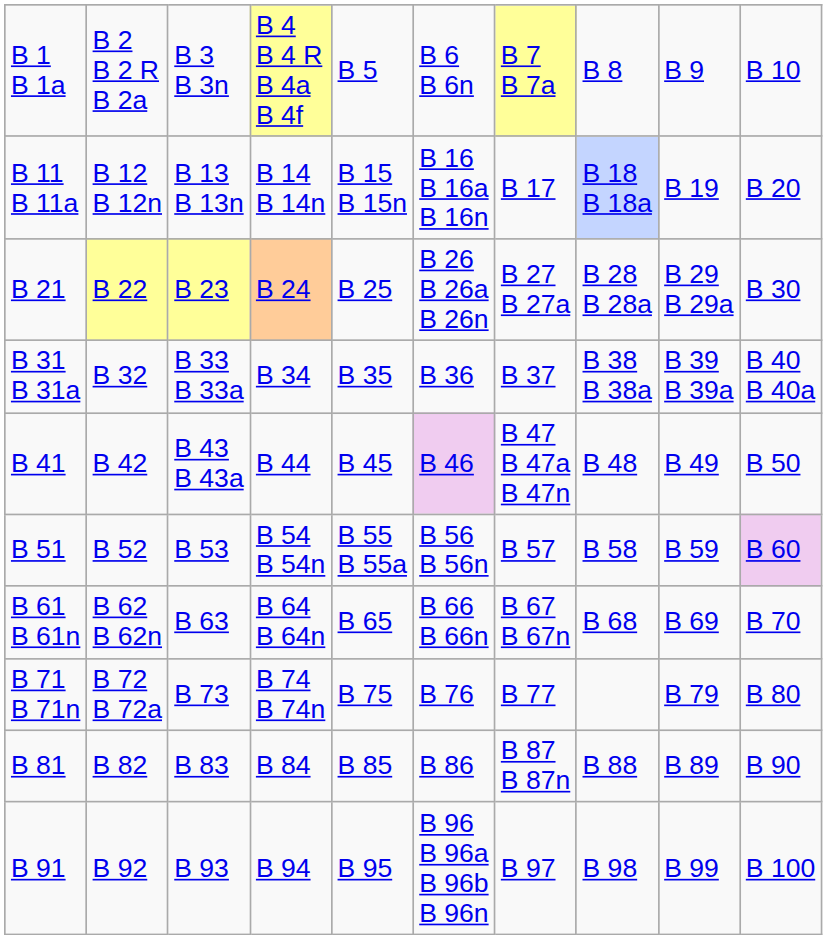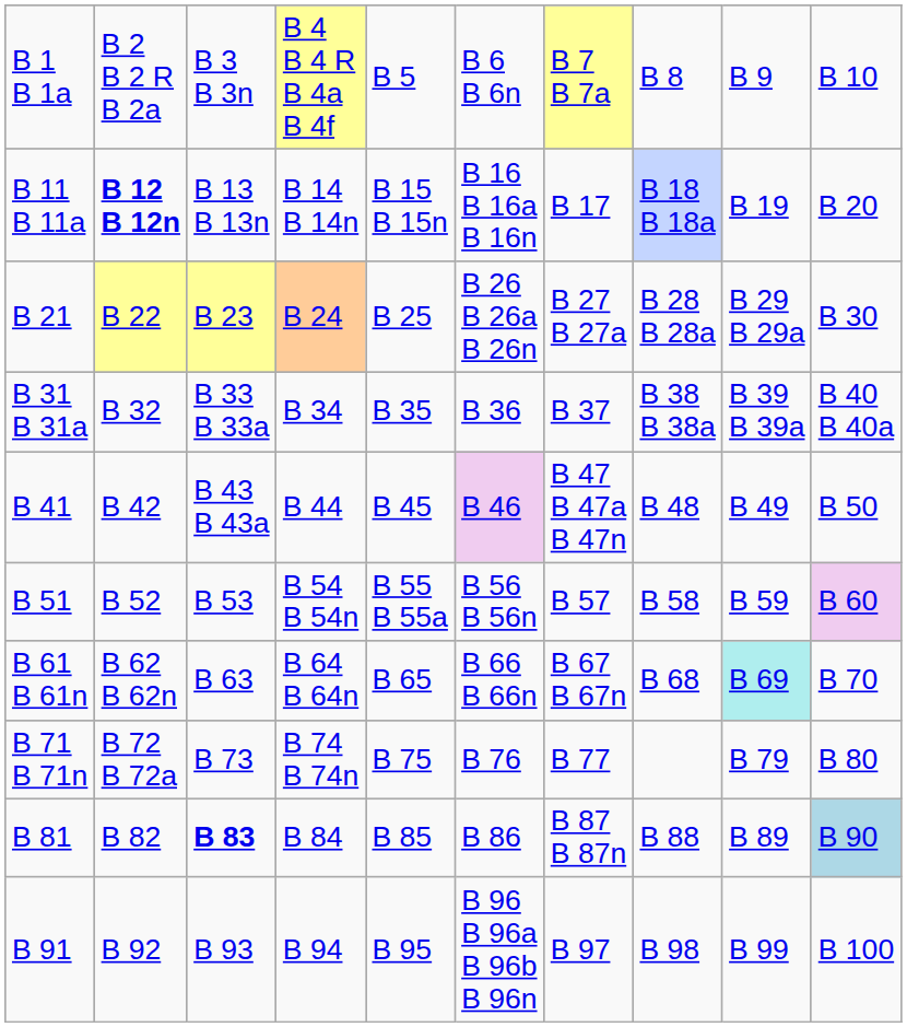 <table class="wikitable">
 <tr>
 <td><a href='#'>B 1</a><br><span><a href='#'>B 1a</a></span></td>
 <td><a href='#'>B 2</a><br><a href='#'>B 2 R</a><br><span><a href='#'>B 2a</a></span></td>
 <td><a href='#'>B 3</a><br><span><a href='#'>B 3n</a></span></td>
 <td style="background: #ffff99;"><a href='#'>B 4</a><br><span><a href='#'>B 4 R</a></span><br><span><a href='#'>B 4a</a></span><br><span><a href='#'>B 4f</a></span></td>
 <td><a href='#'>B 5</a></td>
 <td><a href='#'>B 6</a><br><span><a href='#'>B 6n</a></span></td>
 <td style="background: #ffff99;"><a href='#'>B 7</a><br><span><a href='#'>B 7a</a></span></td>
 <td><a href='#'>B 8</a></td>
 <td><a href='#'>B 9</a></td>
 <td><a href='#'>B 10</a></td>
 </tr>
 <tr>
 <td><a href='#'>B 11</a><br><span><a href='#'>B 11a</a></span></td>
-<td><a href='#'>B 12</a><br><span><a href='#'>B 12n</a></span></td>
+<td><strong><a href='#'>B 12</a><br><span><a href='#'>B 12n</a></span></strong></td>
 <td><a href='#'>B 13</a><br><span><a href='#'>B 13n</a></span></td>
 <td><a href='#'>B 14</a><br><span><a href='#'>B 14n</a></span></td>
 <td><a href='#'>B 15</a><br><span><a href='#'>B 15n</a></span></td>
 <td><a href='#'>B 16</a><br><a href='#'>B 16a</a><br><span><a href='#'>B 16n</a></span></td>
 <td><a href='#'>B 17</a></td>
 <td style="background: #C4D5FF;"><a href='#'>B 18</a><br><span><a href='#'>B 18a</a></span></td>
 <td><a href='#'>B 19</a></td>
 <td><a href='#'>B 20</a></td>
 </tr>
 <tr>
 <td><a href='#'>B 21</a></td>
 <td style="background: #ffff99;"><a href='#'>B 22</a></td>
 <td style="background: #ffff99;"><a href='#'>B 23</a></td>
 <td style="background: #FFCC99;"><a href='#'>B 24</a></td>
 <td><a href='#'>B 25</a></td>
 <td><a href='#'>B 26</a><br><span><a href='#'>B 26a</a></span><br><span><a href='#'>B 26n</a></span></td>
 <td><a href='#'>B 27</a><br><span><a href='#'>B 27a</a></span></td>
 <td><a href='#'>B 28</a><br><span><a href='#'>B 28a</a></span></td>
 <td><a href='#'>B 29</a><br><span><a href='#'>B 29a</a></span></td>
 <td><a href='#'>B 30</a></td>
 </tr>
 <tr>
 <td><a href='#'>B 31</a><br><span><a href='#'>B 31a</a></span></td>
 <td><a href='#'>B 32</a></td>
 <td><a href='#'>B 33</a><br><span><a href='#'>B 33a</a></span></td>
 <td><a href='#'>B 34</a></td>
 <td><a href='#'>B 35</a></td>
 <td><a href='#'>B 36</a></td>
 <td><a href='#'>B 37</a></td>
 <td><a href='#'>B 38</a><br><a href='#'>B 38a</a></td>
 <td><a href='#'>B 39</a><br><a href='#'>B 39a</a></td>
 <td><a href='#'>B 40</a><br><a href='#'>B 40a</a></td>
 </tr>
 <tr>
 <td><a href='#'>B 41</a></td>
 <td><a href='#'>B 42</a></td>
 <td><a href='#'>B 43</a><br><a href='#'>B 43a</a></td>
 <td><a href='#'>B 44</a></td>
 <td><a href='#'>B 45</a></td>
 <td style="background: #F0CCF0;"><a href='#'>B 46</a></td>
 <td><a href='#'>B 47</a><br><span><a href='#'>B 47a</a></span><br><span><a href='#'>B 47n</a></span></td>
 <td><a href='#'>B 48</a></td>
 <td><a href='#'>B 49</a></td>
 <td><a href='#'>B 50</a></td>
 </tr>
 <tr>
 <td><a href='#'>B 51</a></td>
 <td><a href='#'>B 52</a></td>
 <td><a href='#'>B 53</a></td>
 <td><a href='#'>B 54</a><br><a href='#'>B 54n</a></td>
 <td><a href='#'>B 55</a><br><span><a href='#'>B 55a</a></span></td>
 <td><a href='#'>B 56</a><br><span><a href='#'>B 56n</a></span></td>
 <td><a href='#'>B 57</a></td>
 <td><a href='#'>B 58</a></td>
 <td><a href='#'>B 59</a></td>
 <td style="background: #F0CCF0;"><a href='#'>B 60</a></td>
 </tr>
 <tr>
 <td><a href='#'>B 61</a><br><span><a href='#'>B 61n</a></span></td>
 <td><a href='#'>B 62</a><br><span><a href='#'>B 62n</a></span></td>
 <td><a href='#'>B 63</a></td>
 <td><a href='#'>B 64</a><br><span><a href='#'>B 64n</a></span></td>
 <td><a href='#'>B 65</a></td>
 <td><a href='#'>B 66</a><br><a href='#'>B 66n</a></td>
 <td><a href='#'>B 67</a><br><span><a href='#'>B 67n</a></span></td>
 <td><a href='#'>B 68</a></td>
-<td><a href='#'>B 69</a></td>
+<td style="background: paleturquoise;"><a href='#'>B 69</a></td>
 <td><a href='#'>B 70</a></td>
 </tr>
 <tr>
 <td><a href='#'>B 71</a><br><span><a href='#'>B 71n</a></span></td>
 <td><a href='#'>B 72</a><br><span><a href='#'>B 72a</a></span></td>
 <td><a href='#'>B 73</a></td>
 <td><a href='#'>B 74</a><br><span><a href='#'>B 74n</a></span></td>
 <td><a href='#'>B 75</a></td>
 <td><a href='#'>B 76</a></td>
 <td><a href='#'>B 77</a></td>
 <td> </td>
 <td><a href='#'>B 79</a></td>
 <td><a href='#'>B 80</a></td>
 </tr>
 <tr>
 <td><a href='#'>B 81</a></td>
 <td><a href='#'>B 82</a></td>
-<td><a href='#'>B 83</a></td>
+<td><strong><a href='#'>B 83</a></strong></td>
 <td><a href='#'>B 84</a></td>
 <td><a href='#'>B 85</a></td>
 <td><a href='#'>B 86</a></td>
 <td><a href='#'>B 87</a><br><span><a href='#'>B 87n</a></span></td>
 <td><a href='#'>B 88</a></td>
 <td><a href='#'>B 89</a></td>
-<td><a href='#'>B 90</a></td>
+<td style="background: lightblue;"><a href='#'>B 90</a></td>
 </tr>
 <tr>
 <td><a href='#'>B 91</a></td>
 <td><a href='#'>B 92</a></td>
 <td><a href='#'>B 93</a></td>
 <td><a href='#'>B 94</a></td>
 <td><a href='#'>B 95</a></td>
 <td><a href='#'>B 96</a><br><span><a href='#'>B 96a</a></span><br><span><a href='#'>B 96b</a></span><br><span><a href='#'>B 96n</a></span></td>
 <td><a href='#'>B 97</a></td>
 <td><a href='#'>B 98</a></td>
 <td><a href='#'>B 99</a></td>
 <td><a href='#'>B 100</a></td>
 </tr>
 </table>
